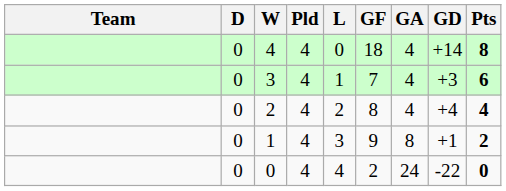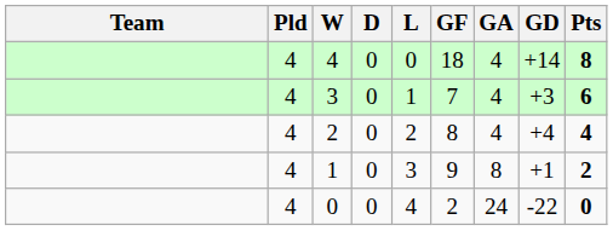 <table class="wikitable" style="text-align: center;">
 <tr>
 <th width=175>Team</th>
+<th width=20>Pld</th>
+<th width=20>W</th>
 <th width=20>D</th>
-<th width=20>W</th>
-<th width=20>Pld</th>
 <th width=20>L</th>
 <th width=20>GF</th>
 <th width=20>GA</th>
 <th width=20>GD</th>
 <th width=20>Pts</th>
 </tr>
 <tr style="background:#ccffcc;">
 <td style="text-align:left;"></td>
-<td>0</td>
 <td>4</td>
 <td>4</td>
+<td>0</td>
 <td>0</td>
 <td>18</td>
 <td>4</td>
 <td>+14</td>
 <td><strong>8</strong></td>
 </tr>
 <tr style="background:#ccffcc;">
 <td style="text-align:left;"></td>
+<td>4</td>
+<td>3</td>
 <td>0</td>
-<td>3</td>
-<td>4</td>
 <td>1</td>
 <td>7</td>
 <td>4</td>
 <td>+3</td>
 <td><strong>6</strong></td>
 </tr>
 <tr>
 <td style="text-align:left;"></td>
+<td>4</td>
+<td>2</td>
 <td>0</td>
-<td>2</td>
-<td>4</td>
 <td>2</td>
 <td>8</td>
 <td>4</td>
 <td>+4</td>
 <td><strong>4</strong></td>
 </tr>
 <tr>
 <td style="text-align:left;"></td>
+<td>4</td>
+<td>1</td>
 <td>0</td>
-<td>1</td>
-<td>4</td>
 <td>3</td>
 <td>9</td>
 <td>8</td>
 <td>+1</td>
 <td><strong>2</strong></td>
 </tr>
 <tr>
 <td style="text-align:left;"></td>
+<td>4</td>
 <td>0</td>
 <td>0</td>
-<td>4</td>
 <td>4</td>
 <td>2</td>
 <td>24</td>
 <td>-22</td>
 <td><strong>0</strong></td>
 </tr>
 </table>
